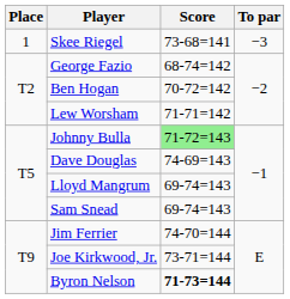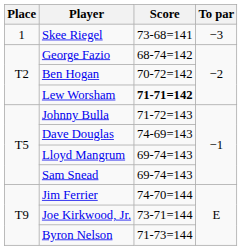 <table class="wikitable">
 <tr>
 <th>Place</th>
 <th>Player</th>
 <th>Score</th>
 <th>To par</th>
 </tr>
 <tr>
 <td align="center">1</td>
 <td> <a href='#'>Skee Riegel</a></td>
 <td>73-68=141</td>
 <td align="center">−3</td>
 </tr>
 <tr>
 <td rowspan="3" align="center">T2</td>
 <td> <a href='#'>George Fazio</a></td>
 <td>68-74=142</td>
 <td rowspan="3" align="center">−2</td>
 </tr>
 <tr>
 <td> <a href='#'>Ben Hogan</a></td>
 <td>70-72=142</td>
 </tr>
 <tr>
 <td> <a href='#'>Lew Worsham</a></td>
-<td>71-71=142</td>
+<td><strong>71-71=142</strong></td>
 </tr>
 <tr>
 <td rowspan="4" align="center">T5</td>
 <td> <a href='#'>Johnny Bulla</a></td>
-<td style="background: lightgreen;">71-72=143</td>
+<td>71-72=143</td>
 <td rowspan="4" align="center">−1</td>
 </tr>
 <tr>
 <td> <a href='#'>Dave Douglas</a></td>
 <td>74-69=143</td>
 </tr>
 <tr>
 <td> <a href='#'>Lloyd Mangrum</a></td>
 <td>69-74=143</td>
 </tr>
 <tr>
 <td> <a href='#'>Sam Snead</a></td>
 <td>69-74=143</td>
 </tr>
 <tr>
 <td rowspan="3" align="center">T9</td>
 <td> <a href='#'>Jim Ferrier</a></td>
 <td>74-70=144</td>
 <td rowspan="3" align="center">E</td>
 </tr>
 <tr>
 <td> <a href='#'>Joe Kirkwood, Jr.</a></td>
 <td>73-71=144</td>
 </tr>
 <tr>
 <td> <a href='#'>Byron Nelson</a></td>
-<td><strong>71-73=144</strong></td>
+<td>71-73=144</td>
 </tr>
 </table>
